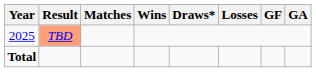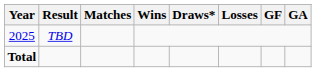 <table class="wikitable" style="text-align: center;">
 <tr>
 <th>Year</th>
 <th>Result</th>
 <th>Matches</th>
 <th>Wins</th>
 <th>Draws*</th>
 <th>Losses</th>
 <th>GF</th>
 <th>GA</th>
 </tr>
 <tr>
 <td> <a href='#'>2025</a></td>
-<td style="background: lightsalmon;"><em><a href='#'>TBD</a></em></td>
+<td><em><a href='#'>TBD</a></em></td>
 <td></td>
 </tr>
 <tr>
 <td><strong>Total</strong></td>
 <td></td>
 <td></td>
 <td></td>
 <td></td>
 <td></td>
 <td></td>
 <td></td>
 </tr>
 </table>
